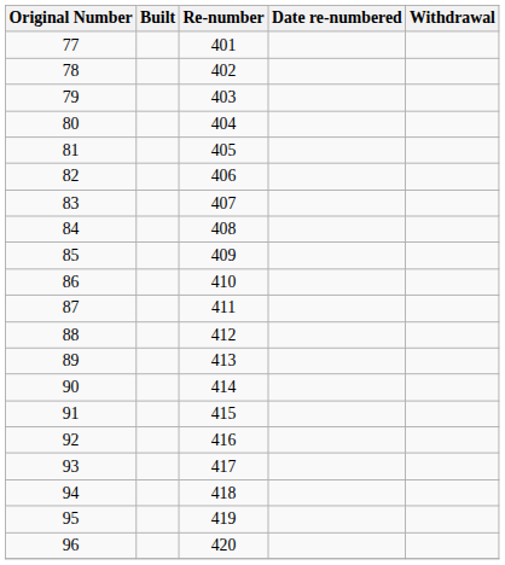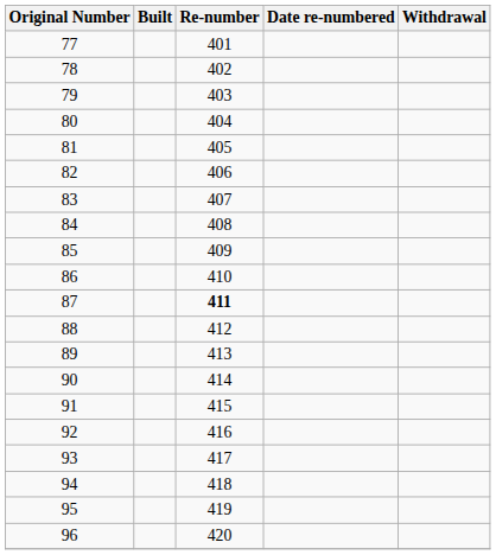 <table class="wikitable sortable mw-collapsible">
 <tr>
 <th>Original Number</th>
 <th>Built</th>
 <th>Re-number</th>
 <th>Date re-numbered</th>
 <th>Withdrawal</th>
 </tr>
 <tr style=text-align:center>
 <td>77</td>
 <td></td>
 <td>401</td>
 <td></td>
 <td></td>
 </tr>
 <tr style=text-align:center>
 <td>78</td>
 <td></td>
 <td>402</td>
 <td></td>
 <td></td>
 </tr>
 <tr style=text-align:center>
 <td>79</td>
 <td></td>
 <td>403</td>
 <td></td>
 <td></td>
 </tr>
 <tr style=text-align:center>
 <td>80</td>
 <td></td>
 <td>404</td>
 <td></td>
 <td></td>
 </tr>
 <tr style=text-align:center>
 <td>81</td>
 <td></td>
 <td>405</td>
 <td></td>
 <td></td>
 </tr>
 <tr style=text-align:center>
 <td>82</td>
 <td></td>
 <td>406</td>
 <td></td>
 <td></td>
 </tr>
 <tr style=text-align:center>
 <td>83</td>
 <td></td>
 <td>407</td>
 <td></td>
 <td></td>
 </tr>
 <tr style=text-align:center>
 <td>84</td>
 <td></td>
 <td>408</td>
 <td></td>
 <td></td>
 </tr>
 <tr style=text-align:center>
 <td>85</td>
 <td></td>
 <td>409</td>
 <td></td>
 <td></td>
 </tr>
 <tr style=text-align:center>
 <td>86</td>
 <td></td>
 <td>410</td>
 <td></td>
 <td></td>
 </tr>
 <tr style=text-align:center>
 <td>87</td>
 <td></td>
-<td>411</td>
+<td><strong>411</strong></td>
 <td></td>
 <td></td>
 </tr>
 <tr style=text-align:center>
 <td>88</td>
 <td></td>
 <td>412</td>
 <td></td>
 <td></td>
 </tr>
 <tr style=text-align:center>
 <td>89</td>
 <td></td>
 <td>413</td>
 <td></td>
 <td></td>
 </tr>
 <tr style=text-align:center>
 <td>90</td>
 <td></td>
 <td>414</td>
 <td></td>
 <td></td>
 </tr>
 <tr style=text-align:center>
 <td>91</td>
 <td></td>
 <td>415</td>
 <td></td>
 <td></td>
 </tr>
 <tr style=text-align:center>
 <td>92</td>
 <td></td>
 <td>416</td>
 <td></td>
 <td></td>
 </tr>
 <tr style=text-align:center>
 <td>93</td>
 <td></td>
 <td>417</td>
 <td></td>
 <td></td>
 </tr>
 <tr style=text-align:center>
 <td>94</td>
 <td></td>
 <td>418</td>
 <td></td>
 <td></td>
 </tr>
 <tr style=text-align:center>
 <td>95</td>
 <td></td>
 <td>419</td>
 <td></td>
 <td></td>
 </tr>
 <tr style=text-align:center>
 <td>96</td>
 <td></td>
 <td>420</td>
 <td></td>
 <td></td>
 </tr>
 <tr>
 </tr>
 </table>
